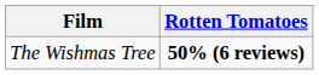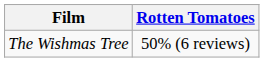 <table class="wikitable sortable" border="1" style="text-align: center;">
 <tr>
 <th>Film</th>
 <th><a href='#'>Rotten Tomatoes</a></th>
 </tr>
 <tr>
 <td><em>The Wishmas Tree</em></td>
-<td><strong>50% (6 reviews)</strong></td>
+<td>50% (6 reviews)</td>
 </tr>
 </table>
